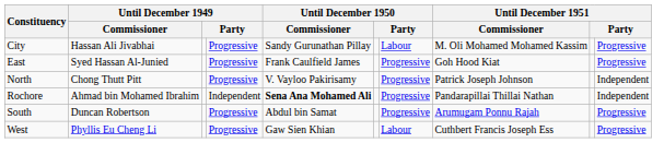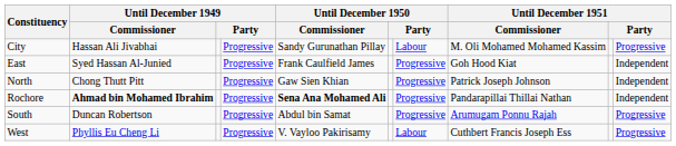 <table class="wikitable sortable">
 <tr>
 <th rowspan="2">Constituency</th>
 <th colspan="3">Until December 1949</th>
 <th colspan="3">Until December 1950</th>
 <th colspan="3">Until December 1951</th>
 </tr>
 <tr>
 <th>Commissioner</th>
 <th colspan="2">Party</th>
 <th>Commissioner</th>
 <th colspan="2">Party</th>
 <th>Commissioner</th>
 <th colspan="2">Party</th>
 </tr>
 <tr>
 <td>City</td>
 <td>Hassan Ali Jivabhai</td>
 <td style="color:inherit;background:"></td>
 <td><a href='#'>Progressive</a></td>
 <td>Sandy Gurunathan Pillay</td>
 <td style="color:inherit;background:"></td>
 <td><a href='#'>Labour</a></td>
 <td>M. Oli Mohamed Mohamed Kassim</td>
 <td style="color:inherit;background:"></td>
 <td><a href='#'>Progressive</a></td>
 </tr>
 <tr>
 <td>East</td>
 <td>Syed Hassan Al-Junied</td>
 <td style="color:inherit;background:"></td>
 <td><a href='#'>Progressive</a></td>
 <td>Frank Caulfield James</td>
 <td style="color:inherit;background:"></td>
 <td><a href='#'>Progressive</a></td>
 <td>Goh Hood Kiat</td>
 <td style="color:inherit;background:"></td>
-<td><a href='#'>Progressive</a></td>
+<td>Independent</td>
 </tr>
 <tr>
 <td>North</td>
 <td>Chong Thutt Pitt</td>
 <td style="color:inherit;background:"></td>
 <td><a href='#'>Progressive</a></td>
-<td>V. Vayloo Pakirisamy</td>
+<td>Gaw Sien Khian</td>
 <td style="color:inherit;background:"></td>
 <td><a href='#'>Progressive</a></td>
 <td>Patrick Joseph Johnson</td>
 <td style="color:inherit;background:"></td>
 <td>Independent</td>
 </tr>
 <tr>
 <td>Rochore</td>
-<td>Ahmad bin Mohamed Ibrahim</td>
+<td><strong>Ahmad bin Mohamed Ibrahim</strong></td>
 <td style="color:inherit;background:"></td>
-<td>Independent</td>
+<td><a href='#'>Progressive</a></td>
 <td><strong>Sena Ana Mohamed Ali</strong></td>
 <td style="color:inherit;background:"></td>
 <td><a href='#'>Progressive</a></td>
 <td>Pandarapillai Thillai Nathan</td>
 <td style="color:inherit;background:"></td>
 <td>Independent</td>
 </tr>
 <tr>
 <td>South</td>
 <td>Duncan Robertson</td>
 <td style="color:inherit;background:"></td>
 <td><a href='#'>Progressive</a></td>
 <td>Abdul bin Samat</td>
 <td style="color:inherit;background:"></td>
 <td><a href='#'>Progressive</a></td>
 <td><a href='#'>Arumugam Ponnu Rajah</a></td>
 <td style="color:inherit;background:"></td>
 <td><a href='#'>Progressive</a></td>
 </tr>
 <tr>
 <td>West</td>
 <td><a href='#'>Phyllis Eu Cheng Li</a></td>
 <td style="color:inherit;background:"></td>
 <td><a href='#'>Progressive</a></td>
-<td>Gaw Sien Khian</td>
+<td>V. Vayloo Pakirisamy</td>
 <td style="color:inherit;background:"></td>
 <td><a href='#'>Labour</a></td>
 <td>Cuthbert Francis Joseph Ess</td>
 <td style="color:inherit;background:"></td>
 <td><a href='#'>Progressive</a></td>
 </tr>
 </table>
